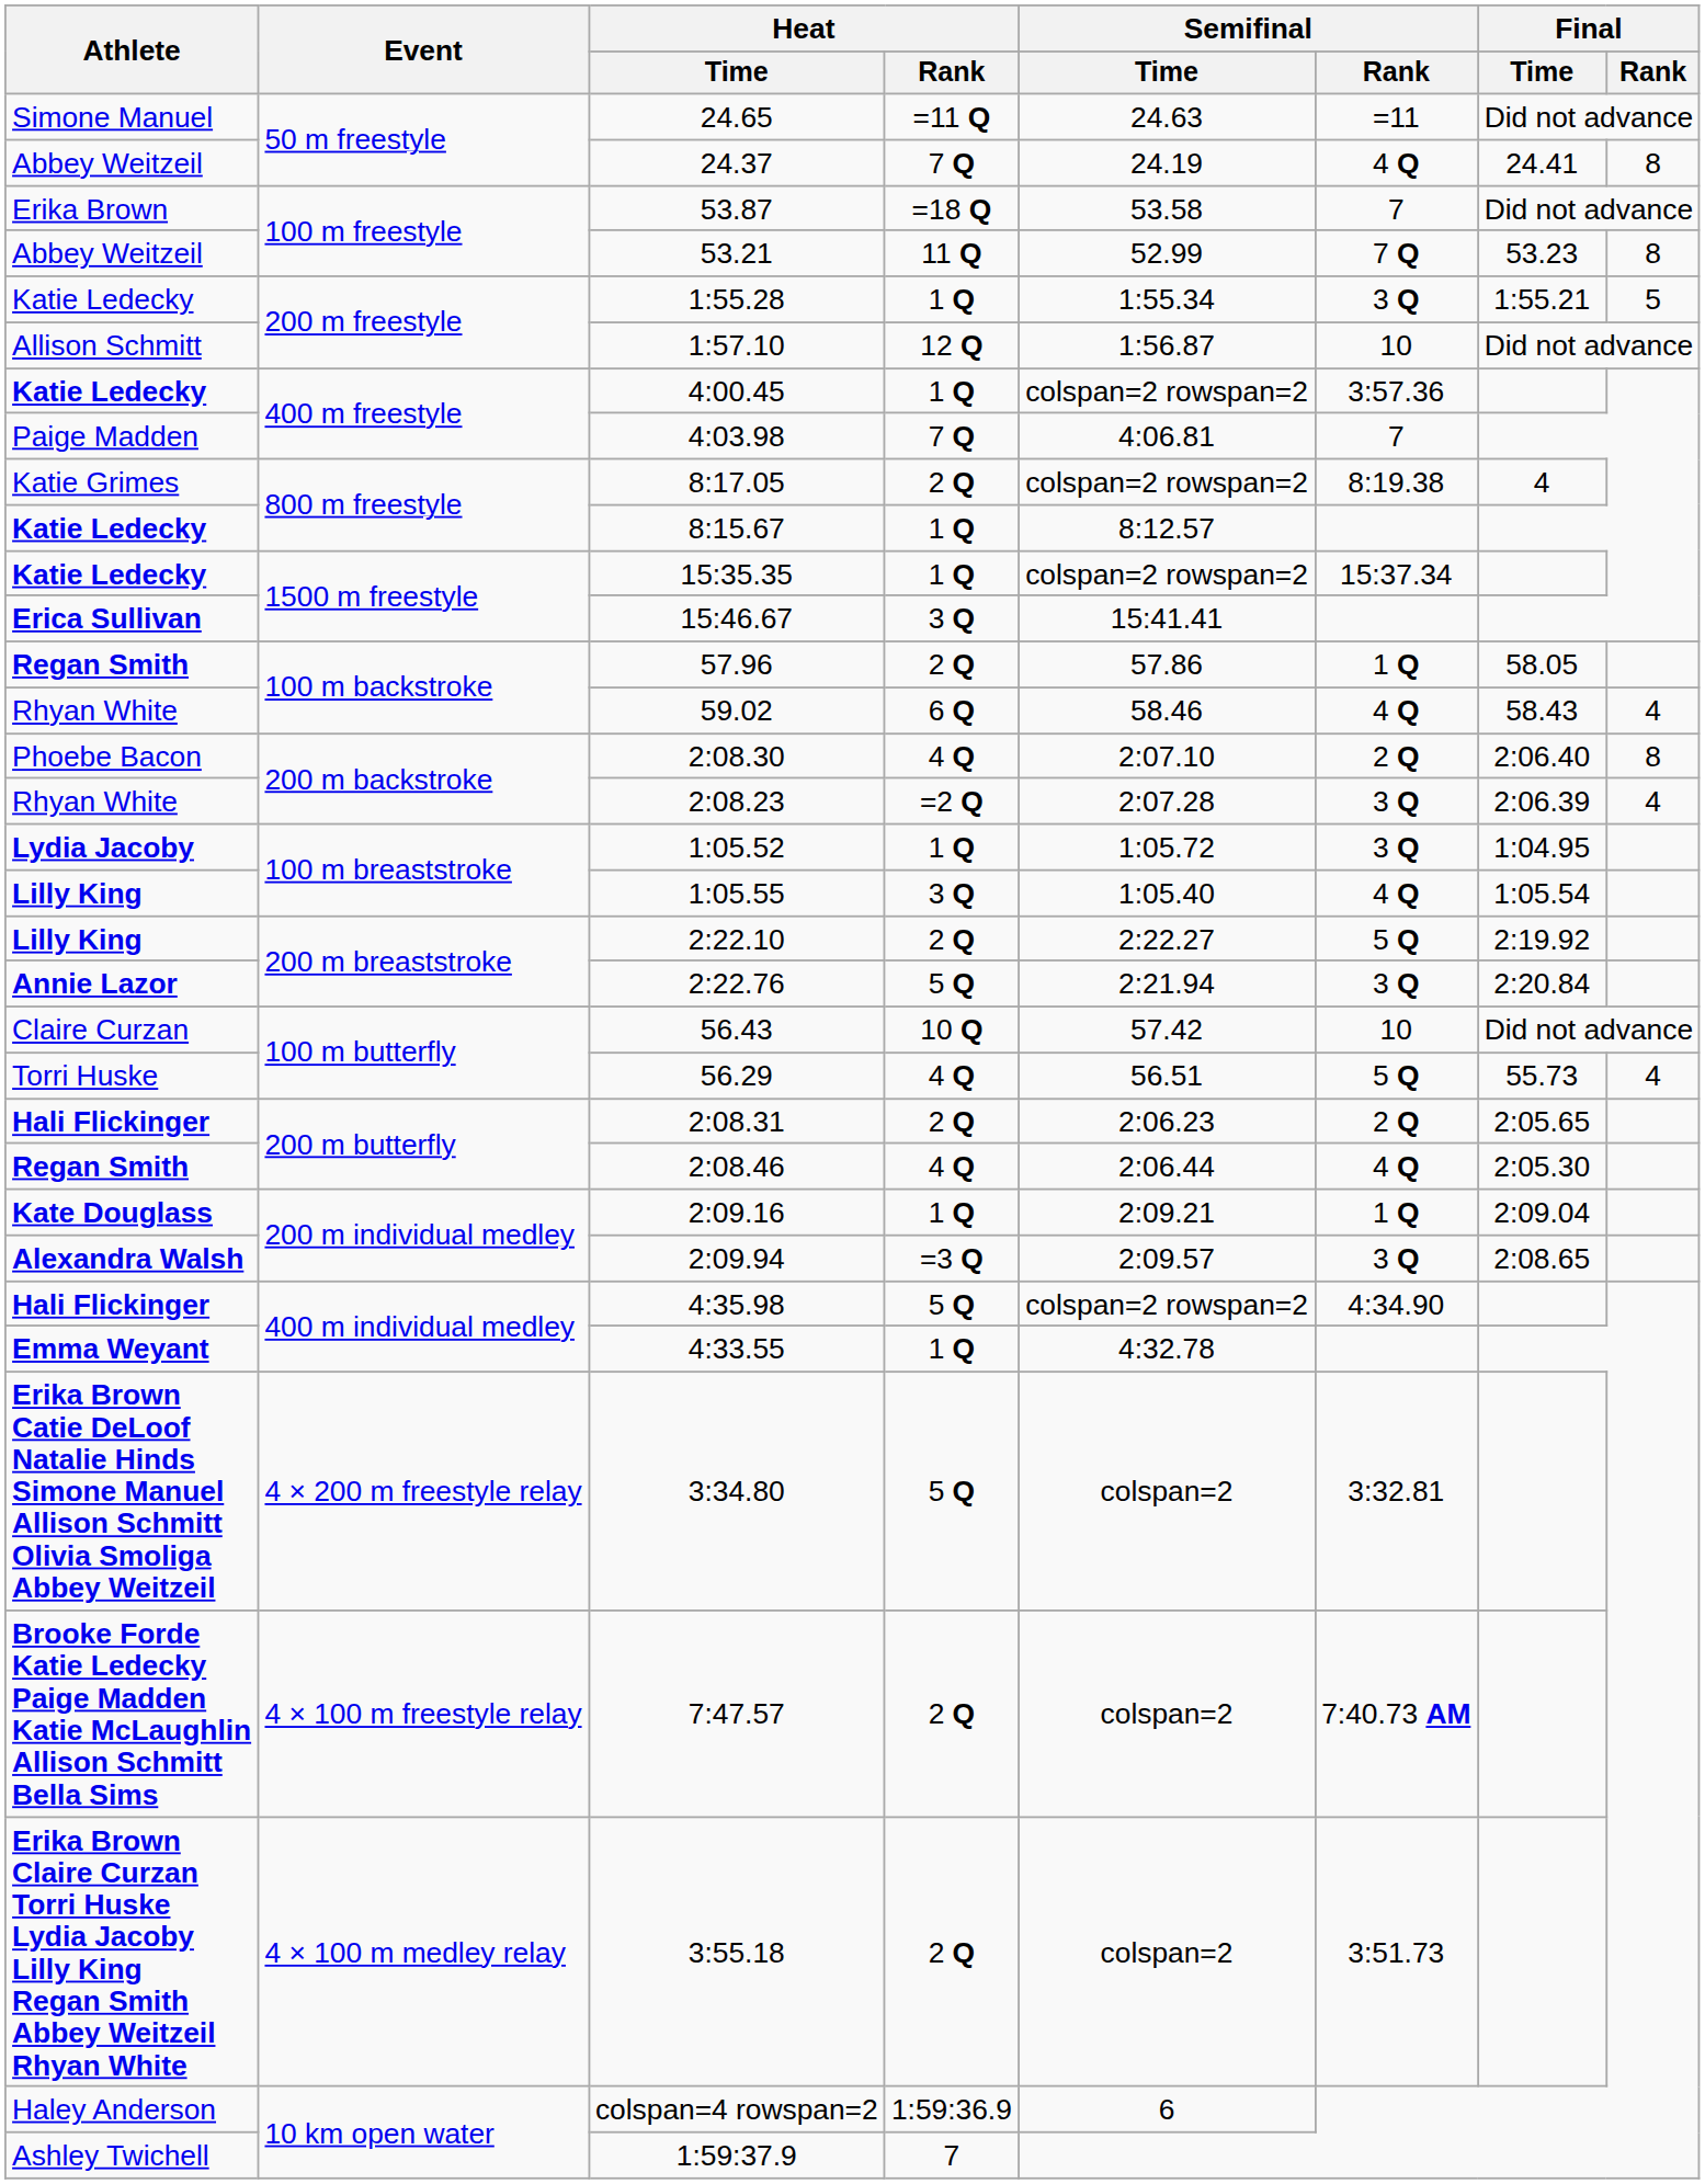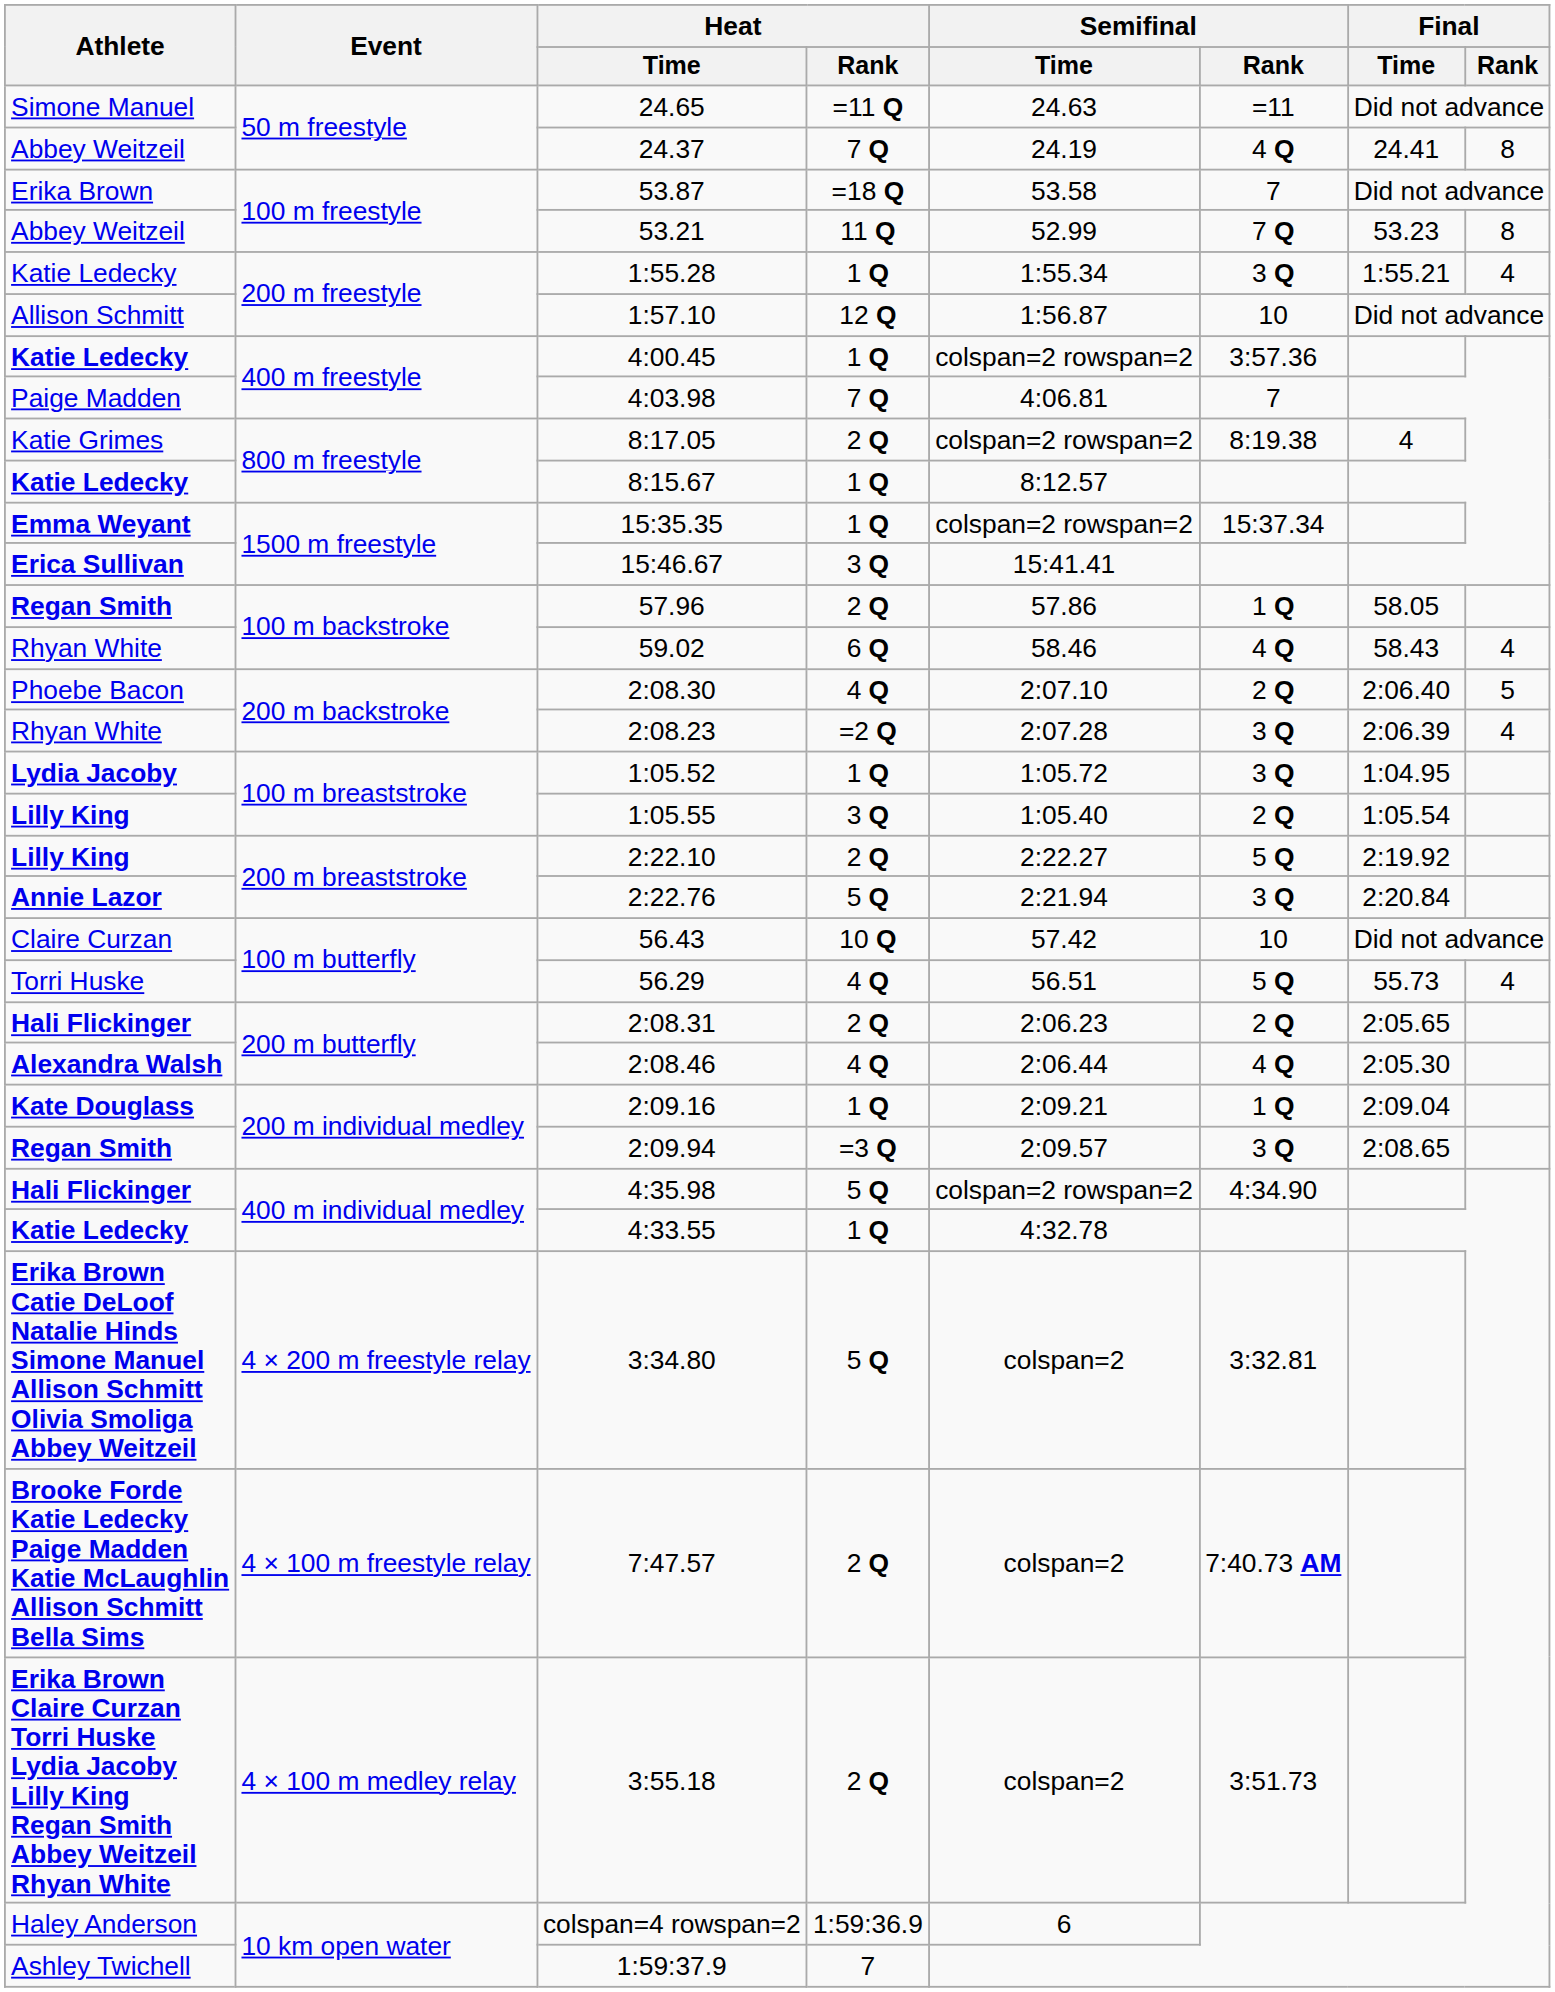 <table class=wikitable style=font-size:90%;text-align:center>
 <tr>
 <th rowspan=2>Athlete</th>
 <th rowspan=2>Event</th>
 <th colspan=2>Heat</th>
 <th colspan=2>Semifinal</th>
 <th colspan=2>Final</th>
 </tr>
 <tr style=font-size:95%>
 <th>Time</th>
 <th>Rank</th>
 <th>Time</th>
 <th>Rank</th>
 <th>Time</th>
 <th>Rank</th>
 </tr>
 <tr>
 <td align=left><a href='#'>Simone Manuel</a></td>
 <td align=left rowspan=2><a href='#'>50 m freestyle</a></td>
 <td>24.65</td>
 <td>=11 <strong>Q</strong></td>
 <td>24.63</td>
 <td>=11</td>
 <td colspan=2>Did not advance</td>
 </tr>
 <tr>
 <td align=left><a href='#'>Abbey Weitzeil</a></td>
 <td>24.37</td>
 <td>7 <strong>Q</strong></td>
 <td>24.19</td>
 <td>4 <strong>Q</strong></td>
 <td>24.41</td>
 <td>8</td>
 </tr>
 <tr>
 <td align=left><a href='#'>Erika Brown</a></td>
 <td align=left rowspan=2><a href='#'>100 m freestyle</a></td>
 <td>53.87</td>
 <td>=18 <strong>Q</strong></td>
 <td>53.58</td>
 <td>7</td>
 <td colspan=2>Did not advance</td>
 </tr>
 <tr>
 <td align=left><a href='#'>Abbey Weitzeil</a></td>
 <td>53.21</td>
 <td>11 <strong>Q</strong></td>
 <td>52.99</td>
 <td>7 <strong>Q</strong></td>
 <td>53.23</td>
 <td>8</td>
 </tr>
 <tr>
 <td align=left><a href='#'>Katie Ledecky</a></td>
 <td align=left rowspan=2><a href='#'>200 m freestyle</a></td>
 <td>1:55.28</td>
 <td>1 <strong>Q</strong></td>
 <td>1:55.34</td>
 <td>3 <strong>Q</strong></td>
 <td>1:55.21</td>
-<td>5</td>
+<td>4</td>
 </tr>
 <tr>
 <td align=left><a href='#'>Allison Schmitt</a></td>
 <td>1:57.10</td>
 <td>12 <strong>Q</strong></td>
 <td>1:56.87</td>
 <td>10</td>
 <td colspan=2>Did not advance</td>
 </tr>
 <tr>
 <td align=left><strong><a href='#'>Katie Ledecky</a></strong></td>
 <td align=left rowspan=2><a href='#'>400 m freestyle</a></td>
 <td>4:00.45</td>
 <td>1 <strong>Q</strong></td>
 <td>colspan=2 rowspan=2 </td>
 <td>3:57.36</td>
 <td></td>
 </tr>
 <tr>
 <td align=left><a href='#'>Paige Madden</a></td>
 <td>4:03.98</td>
 <td>7 <strong>Q</strong></td>
 <td>4:06.81</td>
 <td>7</td>
 </tr>
 <tr>
 <td align=left><a href='#'>Katie Grimes</a></td>
 <td align=left rowspan=2><a href='#'>800 m freestyle</a></td>
 <td>8:17.05</td>
 <td>2 <strong>Q</strong></td>
 <td>colspan=2 rowspan=2 </td>
 <td>8:19.38</td>
 <td>4</td>
 </tr>
 <tr>
 <td align=left><strong><a href='#'>Katie Ledecky</a></strong></td>
 <td>8:15.67</td>
 <td>1 <strong>Q</strong></td>
 <td>8:12.57</td>
 <td></td>
 </tr>
 <tr>
-<td align=left><strong><a href='#'>Katie Ledecky</a></strong></td>
+<td align=left><strong><a href='#'>Emma Weyant</a></strong></td>
 <td align=left rowspan=2><a href='#'>1500 m freestyle</a></td>
 <td>15:35.35 </td>
 <td>1 <strong>Q</strong></td>
 <td>colspan=2 rowspan=2 </td>
 <td>15:37.34</td>
 <td></td>
 </tr>
 <tr>
 <td align=left><strong><a href='#'>Erica Sullivan</a></strong></td>
 <td>15:46.67</td>
 <td>3 <strong>Q</strong></td>
 <td>15:41.41</td>
 <td></td>
 </tr>
 <tr>
 <td align=left><strong><a href='#'>Regan Smith</a></strong></td>
 <td align=left rowspan=2><a href='#'>100 m backstroke</a></td>
 <td>57.96</td>
 <td>2 <strong>Q</strong></td>
 <td>57.86 </td>
 <td>1 <strong>Q</strong></td>
 <td>58.05</td>
 <td></td>
 </tr>
 <tr>
 <td align=left><a href='#'>Rhyan White</a></td>
 <td>59.02</td>
 <td>6 <strong>Q</strong></td>
 <td>58.46</td>
 <td>4 <strong>Q</strong></td>
 <td>58.43</td>
 <td>4</td>
 </tr>
 <tr>
 <td align=left><a href='#'>Phoebe Bacon</a></td>
 <td align=left rowspan=2><a href='#'>200 m backstroke</a></td>
 <td>2:08.30</td>
 <td>4 <strong>Q</strong></td>
 <td>2:07.10</td>
 <td>2 <strong>Q</strong></td>
 <td>2:06.40</td>
-<td>8</td>
+<td>5</td>
 </tr>
 <tr>
 <td align=left><a href='#'>Rhyan White</a></td>
 <td>2:08.23</td>
 <td>=2 <strong>Q</strong></td>
 <td>2:07.28</td>
 <td>3 <strong>Q</strong></td>
 <td>2:06.39</td>
 <td>4</td>
 </tr>
 <tr>
 <td align=left><strong><a href='#'>Lydia Jacoby</a></strong></td>
 <td align=left rowspan=2><a href='#'>100 m breaststroke</a></td>
 <td>1:05.52</td>
 <td>1 <strong>Q</strong></td>
 <td>1:05.72</td>
 <td>3 <strong>Q</strong></td>
 <td>1:04.95</td>
 <td></td>
 </tr>
 <tr>
 <td align=left><strong><a href='#'>Lilly King</a></strong></td>
 <td>1:05.55</td>
 <td>3 <strong>Q</strong></td>
 <td>1:05.40</td>
-<td>4 <strong>Q</strong></td>
+<td>2 <strong>Q</strong></td>
 <td>1:05.54</td>
 <td></td>
 </tr>
 <tr>
 <td align=left><strong><a href='#'>Lilly King</a></strong></td>
 <td align=left rowspan=2><a href='#'>200 m breaststroke</a></td>
 <td>2:22.10</td>
 <td>2 <strong>Q</strong></td>
 <td>2:22.27</td>
 <td>5 <strong>Q</strong></td>
 <td>2:19.92</td>
 <td></td>
 </tr>
 <tr>
 <td align=left><strong><a href='#'>Annie Lazor</a></strong></td>
 <td>2:22.76</td>
 <td>5 <strong>Q</strong></td>
 <td>2:21.94</td>
 <td>3 <strong>Q</strong></td>
 <td>2:20.84</td>
 <td></td>
 </tr>
 <tr>
 <td align=left><a href='#'>Claire Curzan</a></td>
 <td align=left rowspan=2><a href='#'>100 m butterfly</a></td>
 <td>56.43</td>
 <td>10 <strong>Q</strong></td>
 <td>57.42</td>
 <td>10</td>
 <td colspan=2>Did not advance</td>
 </tr>
 <tr>
 <td align=left><a href='#'>Torri Huske</a></td>
 <td>56.29</td>
 <td>4 <strong>Q</strong></td>
 <td>56.51</td>
 <td>5 <strong>Q</strong></td>
 <td>55.73</td>
 <td>4</td>
 </tr>
 <tr>
 <td align=left><strong><a href='#'>Hali Flickinger</a></strong></td>
 <td align=left rowspan=2><a href='#'>200 m butterfly</a></td>
 <td>2:08.31</td>
 <td>2 <strong>Q</strong></td>
 <td>2:06.23</td>
 <td>2 <strong>Q</strong></td>
 <td>2:05.65</td>
 <td></td>
 </tr>
 <tr>
-<td align=left><strong><a href='#'>Regan Smith</a></strong></td>
+<td align=left><strong><a href='#'>Alexandra Walsh</a></strong></td>
 <td>2:08.46</td>
 <td>4 <strong>Q</strong></td>
 <td>2:06.44</td>
 <td>4 <strong>Q</strong></td>
 <td>2:05.30</td>
 <td></td>
 </tr>
 <tr>
 <td align=left><strong><a href='#'>Kate Douglass</a></strong></td>
 <td align=left rowspan=2><a href='#'>200 m individual medley</a></td>
 <td>2:09.16</td>
 <td>1 <strong>Q</strong></td>
 <td>2:09.21</td>
 <td>1 <strong>Q</strong></td>
 <td>2:09.04</td>
 <td></td>
 </tr>
 <tr>
-<td align=left><strong><a href='#'>Alexandra Walsh</a></strong></td>
+<td align=left><strong><a href='#'>Regan Smith</a></strong></td>
 <td>2:09.94</td>
 <td>=3 <strong>Q</strong></td>
 <td>2:09.57</td>
 <td>3 <strong>Q</strong></td>
 <td>2:08.65</td>
 <td></td>
 </tr>
 <tr>
 <td align=left><strong><a href='#'>Hali Flickinger</a></strong></td>
 <td align=left rowspan=2><a href='#'>400 m individual medley</a></td>
 <td>4:35.98</td>
 <td>5 <strong>Q</strong></td>
 <td>colspan=2 rowspan=2 </td>
 <td>4:34.90</td>
 <td></td>
 </tr>
 <tr>
-<td align=left><strong><a href='#'>Emma Weyant</a></strong></td>
+<td align=left><strong><a href='#'>Katie Ledecky</a></strong></td>
 <td>4:33.55</td>
 <td>1 <strong>Q</strong></td>
 <td>4:32.78</td>
 <td></td>
 </tr>
 <tr>
 <td align=left><strong><a href='#'>Erika Brown</a><br><a href='#'>Catie DeLoof</a><br><a href='#'>Natalie Hinds</a><br><a href='#'>Simone Manuel</a><br><a href='#'>Allison Schmitt</a><br><a href='#'>Olivia Smoliga</a><br><a href='#'>Abbey Weitzeil</a></strong></td>
 <td align=left><a href='#'>4 × 200 m freestyle relay</a></td>
 <td>3:34.80</td>
 <td>5 <strong>Q</strong></td>
 <td>colspan=2 </td>
 <td>3:32.81</td>
 <td></td>
 </tr>
 <tr>
 <td align=left><strong><a href='#'>Brooke Forde</a><br><a href='#'>Katie Ledecky</a><br><a href='#'>Paige Madden</a><br><a href='#'>Katie McLaughlin</a><br><a href='#'>Allison Schmitt</a><br><a href='#'>Bella Sims</a></strong></td>
 <td align=left><a href='#'>4 × 100 m freestyle relay</a></td>
 <td>7:47.57</td>
 <td>2 <strong>Q</strong></td>
 <td>colspan=2 </td>
 <td>7:40.73 <strong><a href='#'>AM</a></strong></td>
 <td></td>
 </tr>
 <tr>
 <td align=left><strong><a href='#'>Erika Brown</a><br><a href='#'>Claire Curzan</a><br><a href='#'>Torri Huske</a><br><a href='#'>Lydia Jacoby</a><br><a href='#'>Lilly King</a><br><a href='#'>Regan Smith</a><br><a href='#'>Abbey Weitzeil</a><br><a href='#'>Rhyan White</a></strong></td>
 <td align=left><a href='#'>4 × 100 m medley relay</a></td>
 <td>3:55.18</td>
 <td>2 <strong>Q</strong></td>
 <td>colspan=2 </td>
 <td>3:51.73</td>
 <td></td>
 </tr>
 <tr>
 <td align=left><a href='#'>Haley Anderson</a></td>
 <td align=left rowspan=2><a href='#'>10 km open water</a></td>
 <td>colspan=4 rowspan=2 </td>
 <td>1:59:36.9</td>
 <td>6</td>
 </tr>
 <tr>
 <td align=left><a href='#'>Ashley Twichell</a></td>
 <td>1:59:37.9</td>
 <td>7</td>
 </tr>
 </table>
